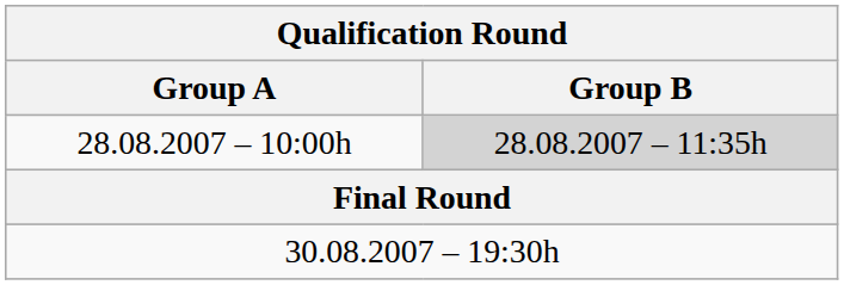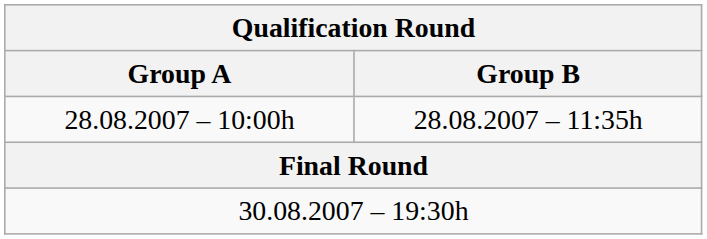 <table class="wikitable" style=" text-align:center; font-size:110%;" width="35%">
 <tr>
 <th colspan="2">Qualification Round</th>
 </tr>
 <tr>
 <th>Group A</th>
 <th>Group B</th>
 </tr>
 <tr>
 <td>28.08.2007 – 10:00h</td>
-<td style="background: lightgrey;">28.08.2007 – 11:35h</td>
+<td>28.08.2007 – 11:35h</td>
 </tr>
 <tr>
 <th colspan="2">Final Round</th>
 </tr>
 <tr>
 <td colspan="2">30.08.2007 – 19:30h</td>
 </tr>
 </table>
